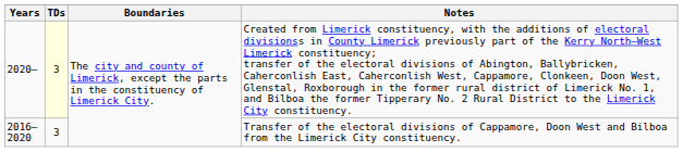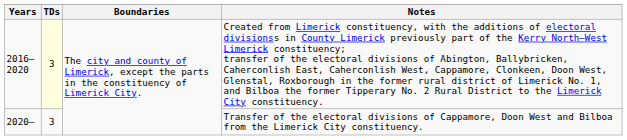 <table class="wikitable">
 <tr bgcolor="green">
 </tr>
 <tr>
 <th>Years</th>
 <th>TDs</th>
 <th>Boundaries</th>
 <th>Notes</th>
 </tr>
 <tr>
-<td>2020–</td>
+<td>2016–2020</td>
 <td align="center" style="background: lightyellow;">3</td>
 <td rowspan=2>The <a href='#'>city and county of Limerick</a>, except the parts in the constituency of <a href='#'>Limerick City</a>.</td>
 <td>Created from <a href='#'>Limerick</a> constituency, with the additions of <a href='#'>electoral divisions</a>s in <a href='#'>County Limerick</a> previously part of the <a href='#'>Kerry North–West Limerick</a> constituency;<br>transfer of the electoral divisions of Abington, Ballybricken, Caherconlish East, Caherconlish West, Cappamore, Clonkeen, Doon West, Glenstal, Roxborough in the former rural district of Limerick No. 1, and Bilboa the former Tipperary No. 2 Rural District to the <a href='#'>Limerick City</a> constituency.</td>
 </tr>
 <tr>
-<td>2016–2020</td>
+<td>2020–</td>
 <td align="center">3</td>
 <td>Transfer of the electoral divisions of Cappamore, Doon West and Bilboa from the Limerick City constituency.</td>
 </tr>
 </table>
